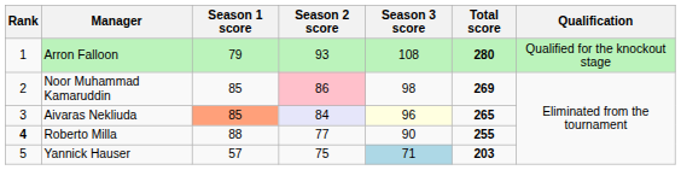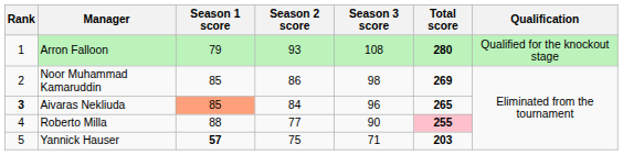 <table class="wikitable" style="text-align:center">
 <tr>
 <th>Rank</th>
 <th>Manager</th>
 <th>Season 1 score</th>
 <th>Season 2 score</th>
 <th>Season 3 score</th>
 <th>Total score</th>
 <th>Qualification</th>
 </tr>
 <tr>
 <td>1</td>
 <td align="left" style="background:#BBF3BB"> Arron Falloon</td>
 <td style="background:#BBF3BB">79</td>
 <td style="background:#BBF3BB">93</td>
 <td style="background:#BBF3BB">108</td>
 <td style="background:#BBF3BB"><strong>280</strong></td>
 <td style="background:#BBF3BB">Qualified for the knockout stage</td>
 </tr>
 <tr>
 <td>2</td>
 <td align="left"> Noor Muhammad Kamaruddin</td>
 <td>85</td>
-<td style="background: pink;">86</td>
+<td>86</td>
 <td>98</td>
 <td><strong>269</strong></td>
 <td rowspan="4">Eliminated from the tournament</td>
 </tr>
 <tr>
-<td>3</td>
+<td><strong>3</strong></td>
 <td align="left"> Aivaras Nekliuda</td>
 <td style="background: lightsalmon;">85</td>
-<td style="background: lavender;">84</td>
-<td style="background: lightyellow;">96</td>
+<td>84</td>
+<td>96</td>
 <td><strong>265</strong></td>
 </tr>
 <tr>
-<td><strong>4</strong></td>
+<td>4</td>
 <td align="left"> Roberto Milla</td>
 <td>88</td>
 <td>77</td>
 <td>90</td>
-<td><strong>255</strong></td>
+<td style="background: pink;"><strong>255</strong></td>
 </tr>
 <tr>
 <td>5</td>
 <td align="left"> Yannick Hauser</td>
-<td>57</td>
+<td><strong>57</strong></td>
 <td>75</td>
-<td style="background: lightblue;">71</td>
+<td>71</td>
 <td><strong>203</strong></td>
 </tr>
 </table>
